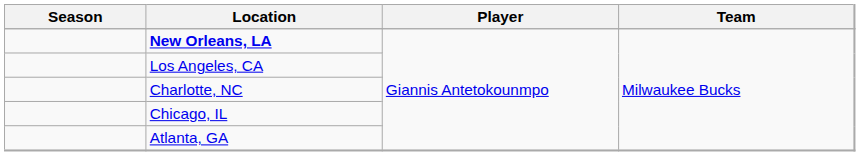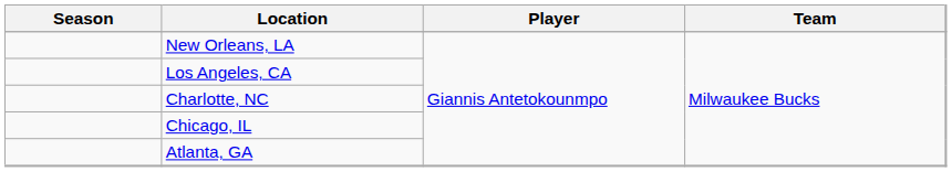 <table class="wikitable sortable"| border=1 cellpadding=4 cellspacing=0 class="toccolours" border=" 1px solid #7f7f7f" style="margin: 0.5em 0 0 0; border-style: solid; border-right-width: 2px; border-bottom-width: 2px; border-collapse: collapse; font-size: 95%">
 <tr>
 <th bgcolor="#efefef" width="12%">Season</th>
 <th bgcolor="#efefef" width="20%">Location</th>
 <th bgcolor="#efefef" width="20%">Player</th>
 <th bgcolor="#efefef" width="20%">Team</th>
 </tr>
 <tr>
 </tr>
 <tr>
 <td style="text-align:center;"></td>
-<td><strong><a href='#'>New Orleans, LA</a></strong></td>
+<td><a href='#'>New Orleans, LA</a></td>
 <td rowspan=6> <a href='#'>Giannis Antetokounmpo</a></td>
 <td rowspan=6><a href='#'>Milwaukee Bucks</a></td>
 </tr>
 <tr>
 <td style="text-align:center;"></td>
 <td><a href='#'>Los Angeles, CA</a></td>
 </tr>
 <tr>
 <td style="text-align:center;"></td>
 <td><a href='#'>Charlotte, NC</a></td>
 </tr>
 <tr>
 <td style="text-align:center;"></td>
 <td><a href='#'>Chicago, IL</a></td>
 </tr>
 <tr>
 <td style="text-align:center;"></td>
 <td><a href='#'>Atlanta, GA</a></td>
 </tr>
 </table>
